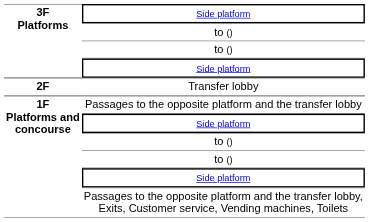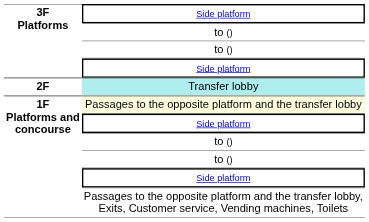 <table table border=0 cellspacing=0 cellpadding=3>
 <tr>
 <td style="border-bottom:solid 1px gray; border-top:solid 1px gray;text-align:center" rowspan="4" valign=top><strong>3F<br>Platforms</strong></td>
 <td style="border-right:solid 2px black;border-left:solid 2px black;border-top:solid 2px black;border-bottom:solid 2px black;text-align:center;" colspan=2><small><a href='#'>Side platform</a></small></td>
 </tr>
 <tr>
 <td style="border-bottom:solid 1px gray; border-top:solid 1px gray;text-align:center;"> to  <small>()</small></td>
 </tr>
 <tr>
 <td style="border-bottom:solid 1px gray;text-align:center;"> to  <small>()</small> </td>
 </tr>
 <tr>
 <td style="border-right:solid 2px black;border-left:solid 2px black;border-top:solid 2px black;border-bottom:solid 2px black;text-align:center;" colspan=2><small><a href='#'>Side platform</a></small></td>
 </tr>
 <tr>
 <td style="border-bottom:solid 1px gray; border-top:solid 1px gray;text-align:center" valign=top><strong>2F</strong></td>
-<td style="border-bottom:solid 1px gray; border-top:solid 1px gray;text-align:center">Transfer lobby</td>
+<td style="background: paleturquoise; border-bottom:solid 1px gray; border-top:solid 1px gray;text-align:center">Transfer lobby</td>
 </tr>
 <tr>
 <td style="border-bottom:solid 1px gray; border-top:solid 1px gray;text-align:center" rowspan="6" valign=top><strong>1F<br>Platforms and<br>concourse</strong></td>
-<td style="border-bottom:solid 1px gray; border-top:solid 1px gray;text-align:center;">Passages to the opposite platform and the transfer lobby</td>
+<td style="background: lightyellow; border-bottom:solid 1px gray; border-top:solid 1px gray;text-align:center;">Passages to the opposite platform and the transfer lobby</td>
 </tr>
 <tr>
 <td style="border-right:solid 2px black;border-left:solid 2px black;border-top:solid 2px black;border-bottom:solid 2px black;text-align:center;" colspan=2><small><a href='#'>Side platform</a></small></td>
 </tr>
 <tr>
 <td style="border-bottom:solid 1px gray; border-top:solid 1px gray;text-align:center;">  to  <small>()</small></td>
 </tr>
 <tr>
 <td style="border-bottom:solid 1px gray;text-align:center;"> to  <small>() </small></td>
 </tr>
 <tr>
 <td style="border-right:solid 2px black;border-left:solid 2px black;border-top:solid 2px black;border-bottom:solid 2px black;text-align:center;" colspan=2><small><a href='#'>Side platform</a></small></td>
 </tr>
 <tr>
 <td style="border-bottom:solid 1px gray; border-top:solid 1px gray;text-align:center;">Passages to the opposite platform and the transfer lobby,<br>Exits, Customer service, Vending machines, Toilets</td>
 </tr>
 </table>
